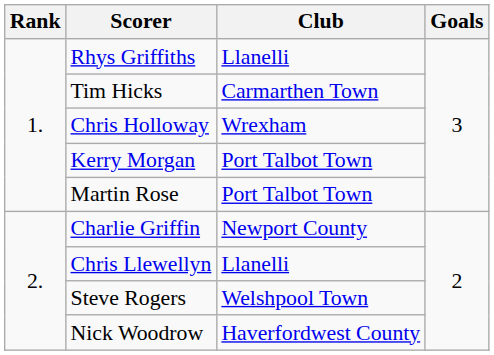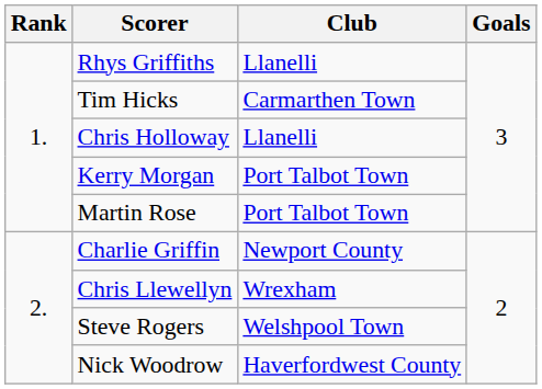 <table class="wikitable">
 <tr>
 <th>Rank</th>
 <th>Scorer</th>
 <th>Club</th>
 <th>Goals</th>
 </tr>
 <tr>
 <td rowspan=5 align=center>1.</td>
 <td> <a href='#'>Rhys Griffiths</a></td>
 <td><a href='#'>Llanelli</a></td>
 <td rowspan=5 align=center>3</td>
 </tr>
 <tr>
 <td> Tim Hicks</td>
 <td><a href='#'>Carmarthen Town</a></td>
 </tr>
 <tr>
 <td> <a href='#'>Chris Holloway</a></td>
-<td><a href='#'>Wrexham</a></td>
+<td><a href='#'>Llanelli</a></td>
 </tr>
 <tr>
 <td> <a href='#'>Kerry Morgan</a></td>
 <td><a href='#'>Port Talbot Town</a></td>
 </tr>
 <tr>
 <td> Martin Rose</td>
 <td><a href='#'>Port Talbot Town</a></td>
 </tr>
 <tr>
 <td rowspan=4 align=center>2.</td>
 <td> <a href='#'>Charlie Griffin</a></td>
 <td><a href='#'>Newport County</a></td>
 <td rowspan=4 align=center>2</td>
 </tr>
 <tr>
 <td> <a href='#'>Chris Llewellyn</a></td>
-<td><a href='#'>Llanelli</a></td>
+<td><a href='#'>Wrexham</a></td>
 </tr>
 <tr>
 <td> Steve Rogers</td>
 <td><a href='#'>Welshpool Town</a></td>
 </tr>
 <tr>
 <td> Nick Woodrow</td>
 <td><a href='#'>Haverfordwest County</a></td>
 </tr>
 </table>
